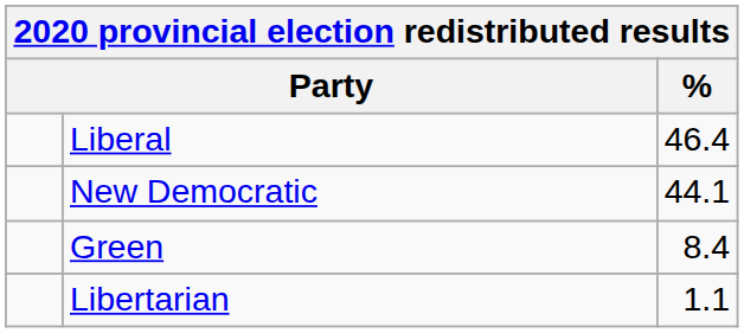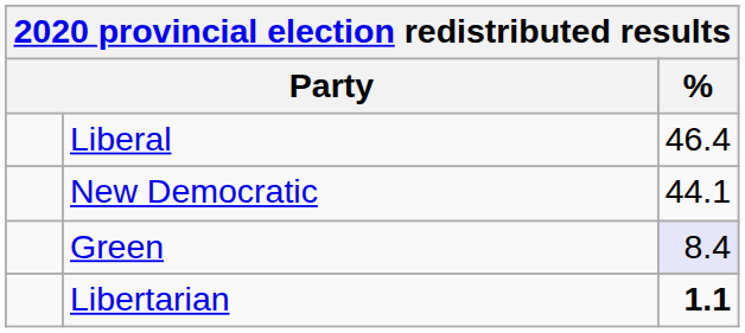 <table class="wikitable">
 <tr>
 <th colspan="4"><a href='#'>2020 provincial election</a> redistributed results</th>
 </tr>
 <tr>
 <th bgcolor="#DDDDFF" width="130px" colspan="2">Party</th>
 <th bgcolor="#DDDDFF" width="30px">%</th>
 </tr>
 <tr>
 <td> </td>
 <td><a href='#'>Liberal</a></td>
 <td align=right>46.4</td>
 </tr>
 <tr>
 <td> </td>
 <td><a href='#'>New Democratic</a></td>
 <td align=right>44.1</td>
 </tr>
 <tr>
 <td> </td>
 <td><a href='#'>Green</a></td>
-<td align=right>8.4</td>
+<td align=right style="background: lavender;">8.4</td>
 </tr>
 <tr>
 <td> </td>
 <td><a href='#'>Libertarian</a></td>
-<td align=right>1.1</td>
+<td align=right><strong>1.1</strong></td>
 </tr>
 </table>
